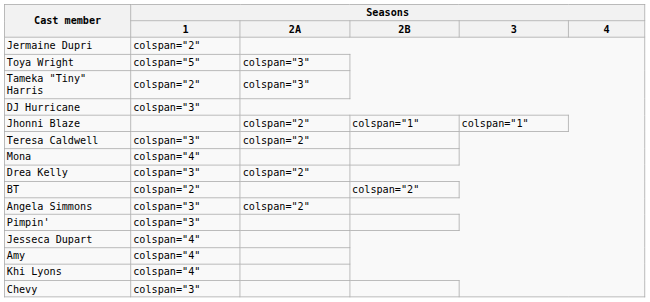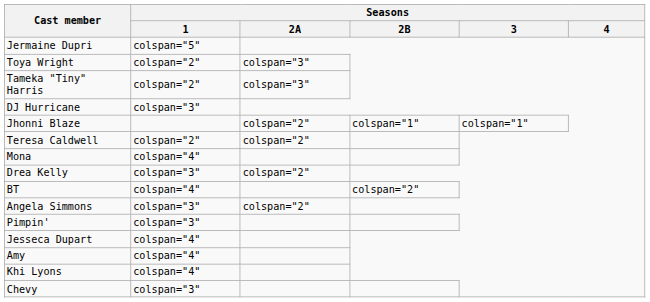 <table class="wikitable plainrowheaders" style="width:65%;">
 <tr>
 <th scope="col" rowspan="2" style="width:10%;">Cast member</th>
 <th scope="col" colspan="5">Seasons</th>
 </tr>
 <tr>
 <th scope="col" style="width:6%;">1</th>
 <th scope="col" style="width:6%;">2A</th>
 <th scope="col" style="width:6%;">2B</th>
 <th scope="col" style="width:6%;">3</th>
 <th scope="col" style="width:6%;">4</th>
 </tr>
 <tr>
 <td scope="row">Jermaine Dupri</td>
-<td>colspan="2" </td>
+<td>colspan="5" </td>
 </tr>
 <tr>
 <td scope="row">Toya Wright</td>
-<td>colspan="5" </td>
+<td>colspan="2" </td>
 <td>colspan="3" </td>
 </tr>
 <tr>
 <td scope="row">Tameka "Tiny" Harris</td>
 <td>colspan="2" </td>
 <td>colspan="3" </td>
 </tr>
 <tr>
 <td scope="row">DJ Hurricane</td>
 <td>colspan="3" </td>
 </tr>
 <tr>
 <td scope="row">Jhonni Blaze</td>
 <td></td>
 <td>colspan="2" </td>
 <td>colspan="1" </td>
 <td>colspan="1" </td>
 </tr>
 <tr>
 <td scope="row">Teresa Caldwell</td>
-<td>colspan="3" </td>
+<td>colspan="2" </td>
 <td>colspan="2" </td>
 <td></td>
 </tr>
 <tr>
 <td scope="row">Mona</td>
 <td>colspan="4" </td>
 <td></td>
 <td></td>
 </tr>
 <tr>
 <td scope="row">Drea Kelly</td>
 <td>colspan="3" </td>
 <td>colspan="2" </td>
 </tr>
 <tr>
 <td scope="row">BT</td>
-<td>colspan="2" </td>
+<td>colspan="4" </td>
 <td></td>
 <td>colspan="2" </td>
 </tr>
 <tr>
 <td scope="row">Angela Simmons</td>
 <td>colspan="3" </td>
 <td>colspan="2" </td>
 </tr>
 <tr>
 <td scope="row">Pimpin'</td>
 <td>colspan="3" </td>
 <td></td>
 <td></td>
 </tr>
 <tr>
 <td scope="row">Jesseca Dupart</td>
 <td>colspan="4" </td>
 <td></td>
 </tr>
 <tr>
 <td scope="row">Amy</td>
 <td>colspan="4" </td>
 <td></td>
 </tr>
 <tr>
 <td scope="row">Khi Lyons</td>
 <td>colspan="4" </td>
 <td></td>
 </tr>
 <tr>
 <td scope="row">Chevy</td>
 <td>colspan="3" </td>
 <td></td>
 <td></td>
 </tr>
 </table>
